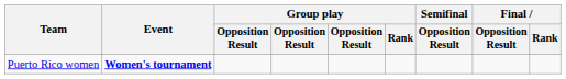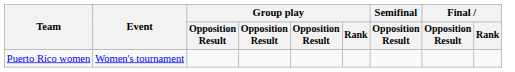 <table class=wikitable style=font-size:90%;text-align:center>
 <tr>
 <th rowspan=2>Team</th>
 <th rowspan=2>Event</th>
 <th colspan=4>Group play</th>
 <th>Semifinal</th>
 <th colspan=2>Final / </th>
 </tr>
 <tr style=font-size:95%>
 <th>Opposition<br>Result</th>
 <th>Opposition<br>Result</th>
 <th>Opposition<br>Result</th>
 <th>Rank</th>
 <th>Opposition<br>Result</th>
 <th>Opposition<br>Result</th>
 <th>Rank</th>
 </tr>
 <tr>
 <td align=left><a href='#'>Puerto Rico women</a></td>
-<td align=left><strong><a href='#'>Women's tournament</a></strong></td>
+<td align=left><a href='#'>Women's tournament</a></td>
 <td></td>
 <td></td>
 <td></td>
 <td></td>
 <td></td>
 <td></td>
 <td></td>
 </tr>
 </table>
